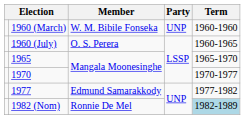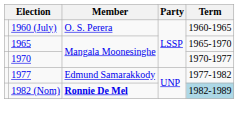 <table class="wikitable">
 <tr>
 <th colspan="2">Election</th>
 <th>Member</th>
 <th>Party</th>
 <th>Term</th>
-</tr>
-<tr>
-<td style="background-color: "></td>
-<td><a href='#'>1960 (March)</a></td>
-<td><a href='#'>W. M. Bibile Fonseka</a></td>
-<td><a href='#'>UNP</a></td>
-<td>1960-1960</td>
 </tr>
 <tr>
 <td style="background-color: "></td>
 <td><a href='#'>1960 (July)</a></td>
 <td><a href='#'>O. S. Perera</a></td>
 <td rowspan=3><a href='#'>LSSP</a></td>
 <td>1960-1965</td>
 </tr>
 <tr>
 <td style="background-color: "></td>
 <td><a href='#'>1965</a></td>
 <td rowspan=2><a href='#'>Mangala Moonesinghe</a></td>
 <td>1965-1970</td>
 </tr>
 <tr>
 <td style="background-color: "></td>
 <td><a href='#'>1970</a></td>
 <td>1970-1977</td>
 </tr>
 <tr>
 <td style="background-color: "></td>
 <td><a href='#'>1977</a></td>
 <td><a href='#'>Edmund Samarakkody</a></td>
 <td rowspan=2><a href='#'>UNP</a></td>
 <td>1977-1982</td>
 </tr>
 <tr>
 <td style="background-color: "></td>
 <td><a href='#'>1982 (Nom)</a></td>
-<td><a href='#'>Ronnie De Mel</a></td>
+<td><strong><a href='#'>Ronnie De Mel</a></strong></td>
 <td style="background: lightblue;">1982-1989</td>
 </tr>
 </table>
